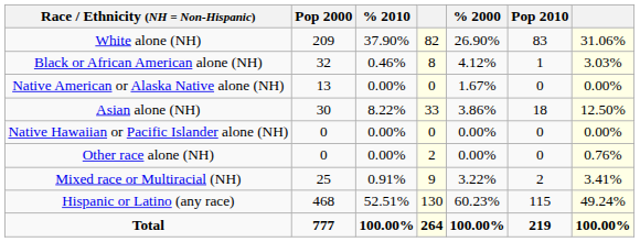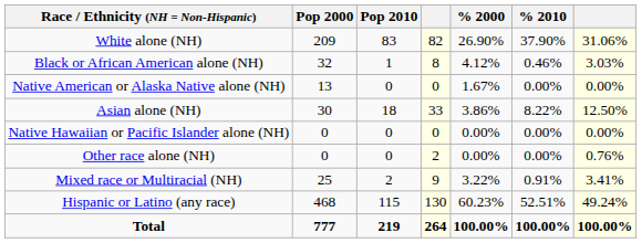 <table class="wikitable" style="text-align:center;">
 <tr>
 <th>Race / Ethnicity <small>(<em>NH = Non-Hispanic</em>)</small></th>
 <th>Pop 2000</th>
-<th>% 2010</th>
+<th>Pop 2010</th>
 <th></th>
 <th>% 2000</th>
-<th>Pop 2010</th>
+<th>% 2010</th>
 <th></th>
 </tr>
 <tr>
 <td><a href='#'>White</a> alone (NH)</td>
 <td>209</td>
-<td>37.90%</td>
+<td>83</td>
 <td style='background: #ffffe6;'>82</td>
 <td>26.90%</td>
-<td>83</td>
+<td>37.90%</td>
 <td style='background: #ffffe6;'>31.06%</td>
 </tr>
 <tr>
 <td><a href='#'>Black or African American</a> alone (NH)</td>
 <td>32</td>
-<td>0.46%</td>
+<td>1</td>
 <td style='background: #ffffe6;'>8</td>
 <td>4.12%</td>
-<td>1</td>
+<td>0.46%</td>
 <td style='background: #ffffe6;'>3.03%</td>
 </tr>
 <tr>
 <td><a href='#'>Native American</a> or <a href='#'>Alaska Native</a> alone (NH)</td>
 <td>13</td>
-<td>0.00%</td>
+<td>0</td>
 <td style='background: #ffffe6;'>0</td>
 <td>1.67%</td>
-<td>0</td>
+<td>0.00%</td>
 <td style='background: #ffffe6;'>0.00%</td>
 </tr>
 <tr>
 <td><a href='#'>Asian</a> alone (NH)</td>
 <td>30</td>
-<td>8.22%</td>
+<td>18</td>
 <td style='background: #ffffe6;'>33</td>
 <td>3.86%</td>
-<td>18</td>
+<td>8.22%</td>
 <td style='background: #ffffe6;'>12.50%</td>
 </tr>
 <tr>
 <td><a href='#'>Native Hawaiian</a> or <a href='#'>Pacific Islander</a> alone (NH)</td>
 <td>0</td>
-<td>0.00%</td>
+<td>0</td>
 <td style='background: #ffffe6;'>0</td>
 <td>0.00%</td>
-<td>0</td>
+<td>0.00%</td>
 <td style='background: #ffffe6;'>0.00%</td>
 </tr>
 <tr>
 <td><a href='#'>Other race</a> alone (NH)</td>
 <td>0</td>
-<td>0.00%</td>
+<td>0</td>
 <td style='background: #ffffe6;'>2</td>
 <td>0.00%</td>
-<td>0</td>
+<td>0.00%</td>
 <td style='background: #ffffe6;'>0.76%</td>
 </tr>
 <tr>
 <td><a href='#'>Mixed race or Multiracial</a> (NH)</td>
 <td>25</td>
-<td>0.91%</td>
+<td>2</td>
 <td style='background: #ffffe6;'>9</td>
 <td>3.22%</td>
-<td>2</td>
+<td>0.91%</td>
 <td style='background: #ffffe6;'>3.41%</td>
 </tr>
 <tr>
 <td><a href='#'>Hispanic or Latino</a> (any race)</td>
 <td>468</td>
-<td>52.51%</td>
+<td>115</td>
 <td style='background: #ffffe6;'>130</td>
 <td>60.23%</td>
-<td>115</td>
+<td>52.51%</td>
 <td style='background: #ffffe6;'>49.24%</td>
 </tr>
 <tr>
 <td><strong>Total</strong></td>
 <td><strong>777</strong></td>
-<td><strong>100.00%</strong></td>
+<td><strong>219</strong></td>
 <td style='background: #ffffe6;'><strong>264</strong></td>
 <td><strong>100.00%</strong></td>
-<td><strong>219</strong></td>
+<td><strong>100.00%</strong></td>
 <td style='background: #ffffe6;'><strong>100.00%</strong></td>
 </tr>
 </table>
